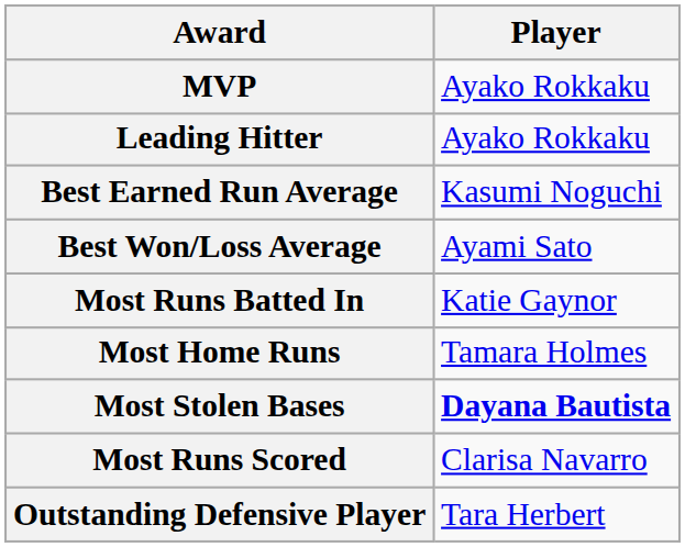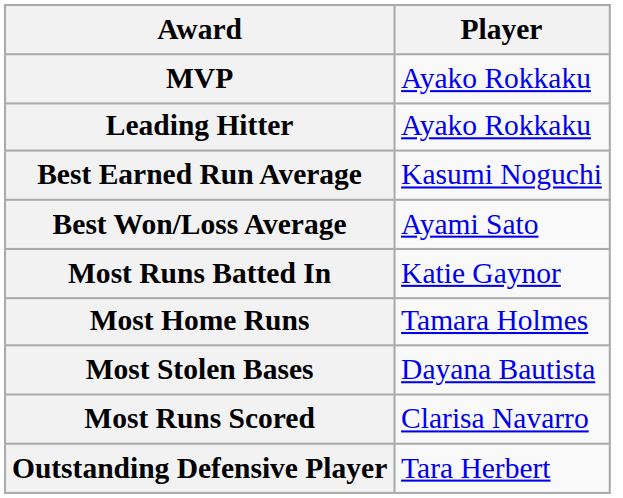 <table class="wikitable" style="border-collapse:collapse; font-size:90%;">
 <tr>
 <th>Award</th>
 <th>Player</th>
 </tr>
 <tr>
 <th>MVP</th>
 <td> <a href='#'>Ayako Rokkaku</a></td>
 </tr>
 <tr>
 <th>Leading Hitter</th>
 <td> <a href='#'>Ayako Rokkaku</a></td>
 </tr>
 <tr>
 <th>Best Earned Run Average</th>
 <td> <a href='#'>Kasumi Noguchi</a></td>
 </tr>
 <tr>
 <th>Best Won/Loss Average</th>
 <td> <a href='#'>Ayami Sato</a></td>
 </tr>
 <tr>
 <th>Most Runs Batted In</th>
 <td> <a href='#'>Katie Gaynor</a></td>
 </tr>
 <tr>
 <th>Most Home Runs</th>
 <td> <a href='#'>Tamara Holmes</a></td>
 </tr>
 <tr>
 <th>Most Stolen Bases</th>
-<td><strong> <a href='#'>Dayana Bautista</a></strong></td>
+<td> <a href='#'>Dayana Bautista</a></td>
 </tr>
 <tr>
 <th>Most Runs Scored</th>
 <td> <a href='#'>Clarisa Navarro</a></td>
 </tr>
 <tr>
 <th>Outstanding Defensive Player</th>
 <td> <a href='#'>Tara Herbert</a></td>
 </tr>
 </table>
